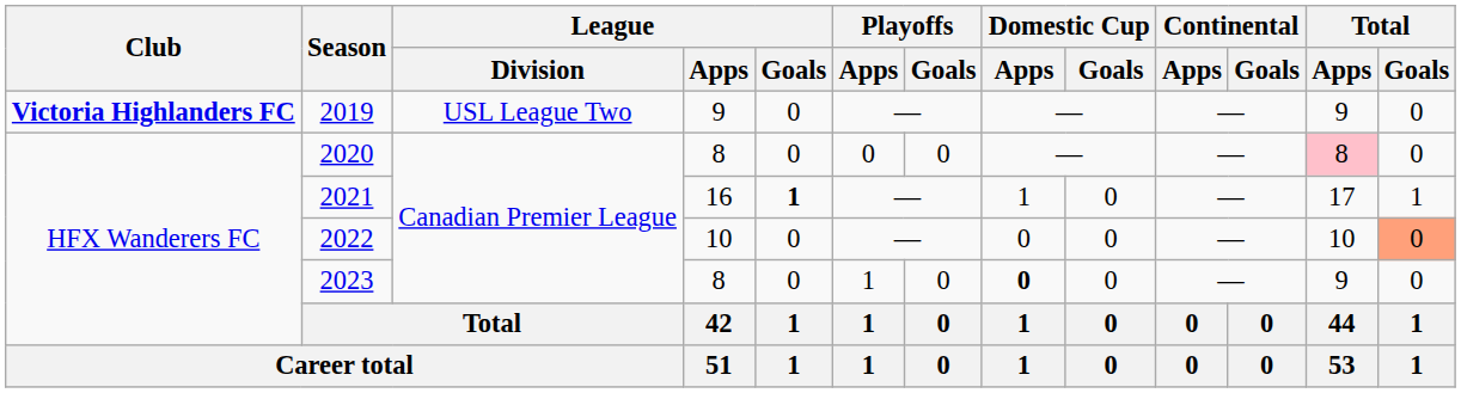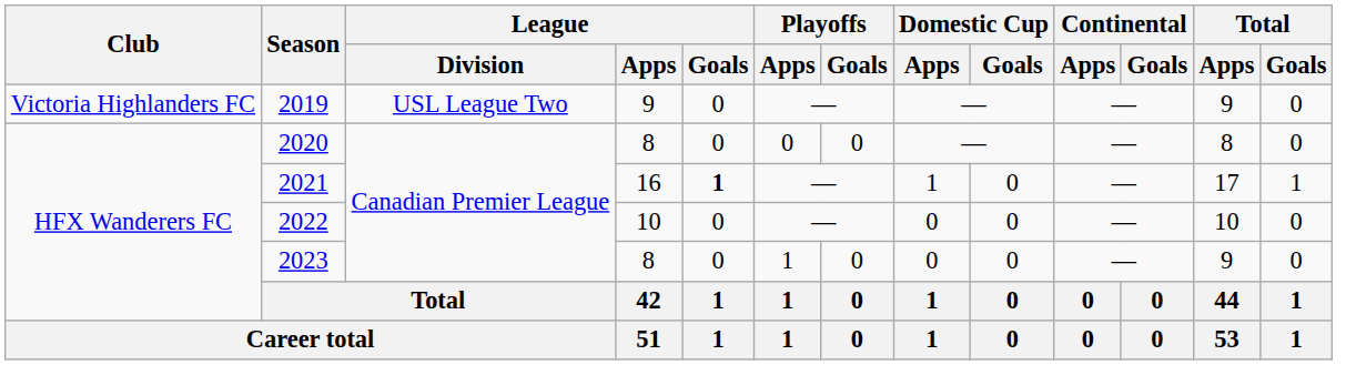 <table class="wikitable" style="text-align: center">
 <tr>
 <th rowspan="2">Club</th>
 <th rowspan="2">Season</th>
 <th colspan="3">League</th>
 <th colspan="2">Playoffs</th>
 <th colspan="2">Domestic Cup</th>
 <th colspan="2">Continental</th>
 <th colspan="2">Total</th>
 </tr>
 <tr>
 <th>Division</th>
 <th>Apps</th>
 <th>Goals</th>
 <th>Apps</th>
 <th>Goals</th>
 <th>Apps</th>
 <th>Goals</th>
 <th>Apps</th>
 <th>Goals</th>
 <th>Apps</th>
 <th>Goals</th>
 </tr>
 <tr>
-<td><strong><a href='#'>Victoria Highlanders FC</a></strong></td>
+<td><a href='#'>Victoria Highlanders FC</a></td>
 <td><a href='#'>2019</a></td>
 <td><a href='#'>USL League Two</a></td>
 <td>9</td>
 <td>0</td>
 <td colspan=2>—</td>
 <td colspan=2>—</td>
 <td colspan="2">—</td>
 <td>9</td>
 <td>0</td>
 </tr>
 <tr>
 <td rowspan=5><a href='#'>HFX Wanderers FC</a></td>
 <td><a href='#'>2020</a></td>
 <td rowspan=4><a href='#'>Canadian Premier League</a></td>
 <td>8</td>
 <td>0</td>
 <td>0</td>
 <td>0</td>
 <td colspan=2>—</td>
 <td colspan="2">—</td>
-<td style="background: pink;">8</td>
+<td>8</td>
 <td>0</td>
 </tr>
 <tr>
 <td><a href='#'>2021</a></td>
 <td>16</td>
 <td><strong>1</strong></td>
 <td colspan=2>—</td>
 <td>1</td>
 <td>0</td>
 <td colspan="2">—</td>
 <td>17</td>
 <td>1</td>
 </tr>
 <tr>
 <td><a href='#'>2022</a></td>
 <td>10</td>
 <td>0</td>
 <td colspan=2>—</td>
 <td>0</td>
 <td>0</td>
 <td colspan="2">—</td>
 <td>10</td>
-<td style="background: lightsalmon;">0</td>
+<td>0</td>
 </tr>
 <tr>
 <td><a href='#'>2023</a></td>
 <td>8</td>
 <td>0</td>
 <td>1</td>
 <td>0</td>
-<td><strong>0</strong></td>
+<td>0</td>
 <td>0</td>
 <td colspan="2">—</td>
 <td>9</td>
 <td>0</td>
 </tr>
 <tr>
 <th colspan="2">Total</th>
 <th>42</th>
 <th>1</th>
 <th>1</th>
 <th>0</th>
 <th>1</th>
 <th>0</th>
 <th>0</th>
 <th>0</th>
 <th>44</th>
 <th>1</th>
 </tr>
 <tr>
 <th colspan="3"><strong>Career total</strong></th>
 <th>51</th>
 <th>1</th>
 <th>1</th>
 <th>0</th>
 <th>1</th>
 <th>0</th>
 <th>0</th>
 <th>0</th>
 <th>53</th>
 <th>1</th>
 </tr>
 </table>
